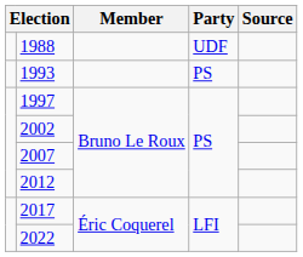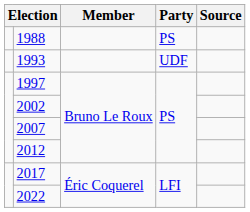 <table class="wikitable">
 <tr>
 <th colspan="2">Election</th>
 <th>Member</th>
 <th>Party</th>
 <th>Source</th>
 </tr>
 <tr>
 <td style="color:inherit;background-color: "></td>
 <td><a href='#'>1988</a></td>
 <td></td>
-<td><a href='#'>UDF</a></td>
+<td><a href='#'>PS</a></td>
 <td></td>
 </tr>
 <tr>
 <td style="color:inherit;background-color: "></td>
 <td><a href='#'>1993</a></td>
 <td></td>
-<td><a href='#'>PS</a></td>
+<td><a href='#'>UDF</a></td>
 <td></td>
 </tr>
 <tr>
 <td rowspan=4 style="color:inherit;background-color: "></td>
 <td><a href='#'>1997</a></td>
 <td rowspan=4><a href='#'>Bruno Le Roux</a></td>
 <td rowspan=4><a href='#'>PS</a></td>
 <td></td>
 </tr>
 <tr>
 <td><a href='#'>2002</a></td>
 <td></td>
 </tr>
 <tr>
 <td><a href='#'>2007</a></td>
 <td></td>
 </tr>
 <tr>
 <td><a href='#'>2012</a></td>
 <td></td>
 </tr>
 <tr>
 <td rowspan="2" style="color:inherit;background-color: "></td>
 <td><a href='#'>2017</a></td>
 <td rowspan="2"><a href='#'>Éric Coquerel</a></td>
 <td rowspan="2"><a href='#'>LFI</a></td>
 <td></td>
 </tr>
 <tr>
 <td><a href='#'>2022</a></td>
 <td></td>
 </tr>
 </table>
